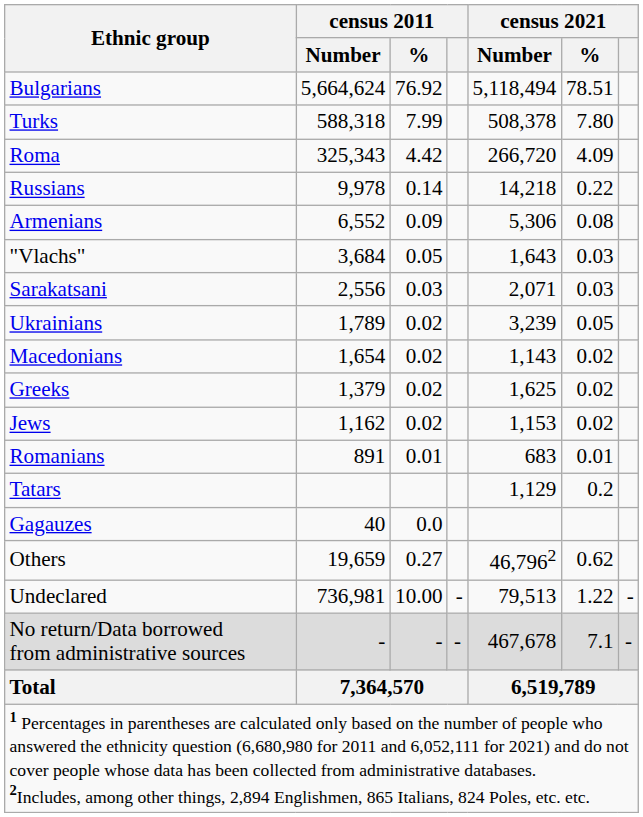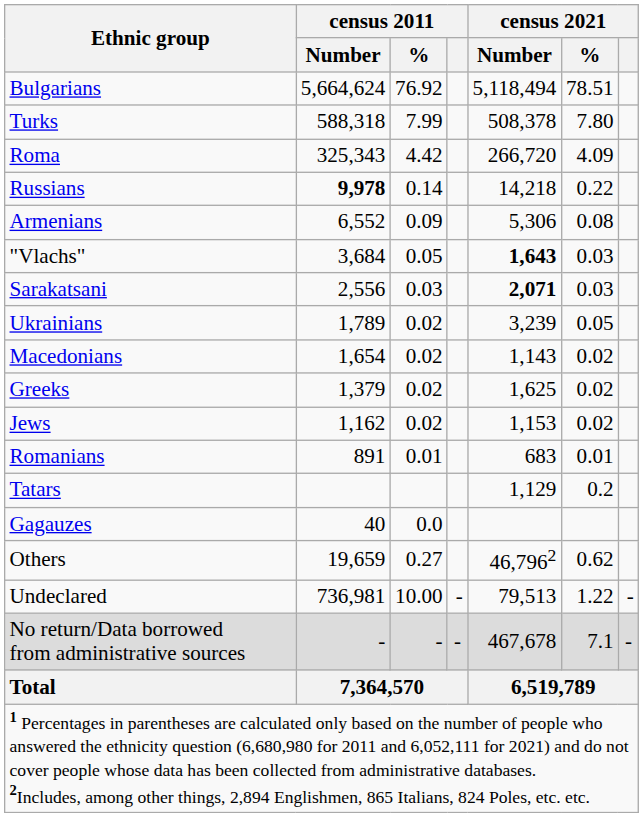 <table class="wikitable">
 <tr>
 <th rowspan="2">Ethnic group</th>
 <th colspan="3">census 2011</th>
 <th colspan="3">census 2021</th>
 </tr>
 <tr>
 <th style="width:35pt;">Number</th>
 <th style="width:6pt;">%</th>
 <th style="width:6pt;"></th>
 <th style="width:35pt;">Number</th>
 <th style="width:6pt;">%</th>
 <th style="width:6pt;"></th>
 </tr>
 <tr>
 <td style="width:160pt;"><a href='#'>Bulgarians</a></td>
 <td style="text-align:right;">5,664,624</td>
 <td style="text-align:right;">76.92</td>
 <td style="text-align:right;"></td>
 <td style="text-align:right;">5,118,494</td>
 <td style="text-align:right;">78.51</td>
 <td style="text-align:right;"></td>
 </tr>
 <tr>
 <td><a href='#'>Turks</a></td>
 <td style="text-align:right;">588,318</td>
 <td style="text-align:right;">7.99</td>
 <td style="text-align:right;"></td>
 <td style="text-align:right;">508,378</td>
 <td style="text-align:right;">7.80</td>
 <td style="text-align:right;"></td>
 </tr>
 <tr>
 <td><a href='#'>Roma</a></td>
 <td style="text-align:right;">325,343</td>
 <td style="text-align:right;">4.42</td>
 <td style="text-align:right;"></td>
 <td style="text-align:right;">266,720</td>
 <td style="text-align:right;">4.09</td>
 <td style="text-align:right;"></td>
 </tr>
 <tr>
 <td><a href='#'>Russians</a></td>
-<td style="text-align:right;">9,978</td>
+<td style="text-align:right;"><strong>9,978</strong></td>
 <td style="text-align:right;">0.14</td>
 <td style="text-align:right;"></td>
 <td style="text-align:right;">14,218</td>
 <td style="text-align:right;">0.22</td>
 <td style="text-align:right;"></td>
 </tr>
 <tr>
 <td><a href='#'>Armenians</a></td>
 <td style="text-align:right;">6,552</td>
 <td style="text-align:right;">0.09</td>
 <td style="text-align:right;"></td>
 <td style="text-align:right;">5,306</td>
 <td style="text-align:right;">0.08</td>
 <td style="text-align:right;"></td>
 </tr>
 <tr>
 <td>"Vlachs"</td>
 <td style="text-align:right;">3,684</td>
 <td style="text-align:right;">0.05</td>
 <td style="text-align:right;"></td>
-<td style="text-align:right;">1,643</td>
+<td style="text-align:right;"><strong>1,643</strong></td>
 <td style="text-align:right;">0.03</td>
 <td style="text-align:right;"></td>
 </tr>
 <tr>
 <td><a href='#'>Sarakatsani</a></td>
 <td style="text-align:right;">2,556</td>
 <td style="text-align:right;">0.03</td>
 <td style="text-align:right;"></td>
-<td style="text-align:right;">2,071</td>
+<td style="text-align:right;"><strong>2,071</strong></td>
 <td style="text-align:right;">0.03</td>
 <td style="text-align:right;"></td>
 </tr>
 <tr>
 <td><a href='#'>Ukrainians</a></td>
 <td style="text-align:right;">1,789</td>
 <td style="text-align:right;">0.02</td>
 <td style="text-align:right;"></td>
 <td style="text-align:right;">3,239</td>
 <td style="text-align:right;">0.05</td>
 <td style="text-align:right;"></td>
 </tr>
 <tr>
 <td><a href='#'>Macedonians</a></td>
 <td style="text-align:right;">1,654</td>
 <td style="text-align:right;">0.02</td>
 <td style="text-align:right;"></td>
 <td style="text-align:right;">1,143</td>
 <td style="text-align:right;">0.02</td>
 <td style="text-align:right;"></td>
 </tr>
 <tr>
 <td><a href='#'>Greeks</a></td>
 <td style="text-align:right;">1,379</td>
 <td style="text-align:right;">0.02</td>
 <td style="text-align:right;"></td>
 <td style="text-align:right;">1,625</td>
 <td style="text-align:right;">0.02</td>
 <td style="text-align:right;"></td>
 </tr>
 <tr>
 <td><a href='#'>Jews</a></td>
 <td style="text-align:right;">1,162</td>
 <td style="text-align:right;">0.02</td>
 <td style="text-align:right;"></td>
 <td style="text-align:right;">1,153</td>
 <td style="text-align:right;">0.02</td>
 <td style="text-align:right;"></td>
 </tr>
 <tr>
 <td><a href='#'>Romanians</a></td>
 <td style="text-align:right;">891</td>
 <td style="text-align:right;">0.01</td>
 <td style="text-align:right;"></td>
 <td style="text-align:right;">683</td>
 <td style="text-align:right;">0.01</td>
 <td style="text-align:right;"></td>
 </tr>
 <tr>
 <td><a href='#'>Tatars</a></td>
 <td style="text-align:right;"></td>
 <td style="text-align:right;"></td>
 <td style="text-align:right;"></td>
 <td style="text-align:right;">1,129</td>
 <td style="text-align:right;">0.2</td>
 <td style="text-align:right;"></td>
 </tr>
 <tr>
 <td><a href='#'>Gagauzes</a></td>
 <td style="text-align:right;">40</td>
 <td style="text-align:right;">0.0</td>
 <td style="text-align:right;"></td>
 <td style="text-align:right;"></td>
 <td style="text-align:right;"></td>
 <td style="text-align:right;"></td>
 </tr>
 <tr>
 <td>Others</td>
 <td style="text-align:right;">19,659</td>
 <td style="text-align:right;">0.27</td>
 <td style="text-align:right;"></td>
 <td style="text-align:right;">46,796<sup>2</sup></td>
 <td style="text-align:right;">0.62</td>
 <td style="text-align:right;"></td>
 </tr>
 <tr>
 <td>Undeclared</td>
 <td style="text-align:right;">736,981</td>
 <td style="text-align:right;">10.00</td>
 <td style="text-align:right;">-</td>
 <td style="text-align:right;">79,513</td>
 <td style="text-align:right;">1.22</td>
 <td style="text-align:right;">-</td>
 </tr>
 <tr>
 <td style="text-align:left; background:#DCDCDC;">No return/Data borrowed<br>from administrative sources</td>
 <td style="text-align:right; background:#DCDCDC;">-</td>
 <td style="text-align:right; background:#DCDCDC;">-</td>
 <td style="text-align:center; background:#DCDCDC;">-</td>
 <td style="text-align:right; background:#DCDCDC;">467,678</td>
 <td style="text-align:right; background:#DCDCDC;">7.1</td>
 <td style="text-align:center; background:#DCDCDC;">-</td>
 </tr>
 <tr>
 <th style="text-align:left;">Total</th>
 <th colspan="3">7,364,570</th>
 <th colspan="3">6,519,789</th>
 </tr>
 <tr>
 <td colspan="13"><small><sup><strong>1</strong></sup> Percentages in parentheses are calculated only based on the number of people who answered the ethnicity question (6,680,980 for 2011 and 6,052,111 for 2021) and do not cover people whose data has been collected from administrative databases.<br><sup><strong>2</strong></sup>Includes, among other things, 2,894 Englishmen, 865 Italians, 824 Poles, etc. etc.</small></td>
 </tr>
 </table>
